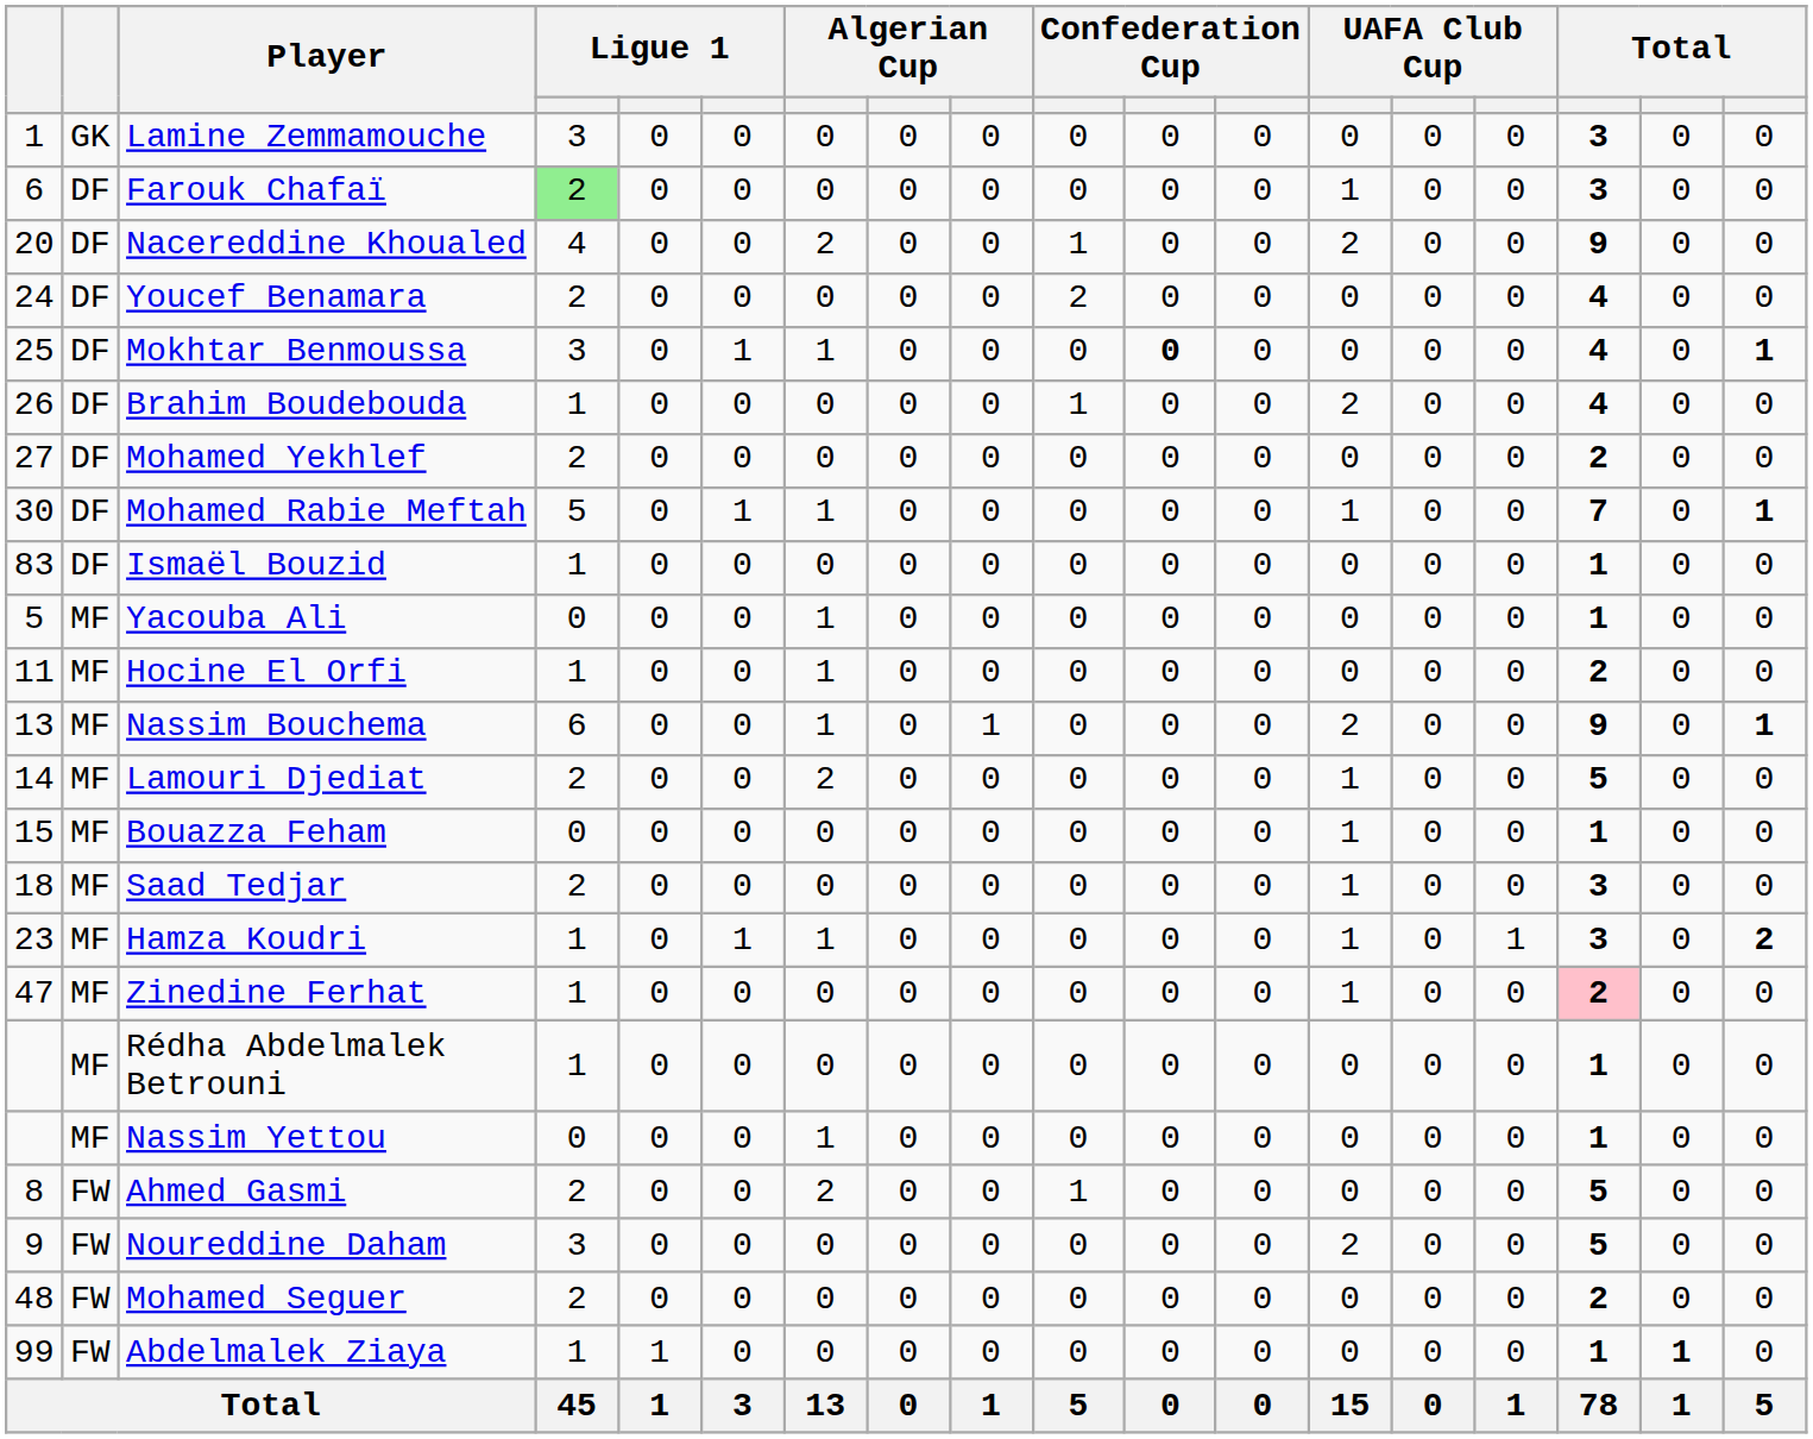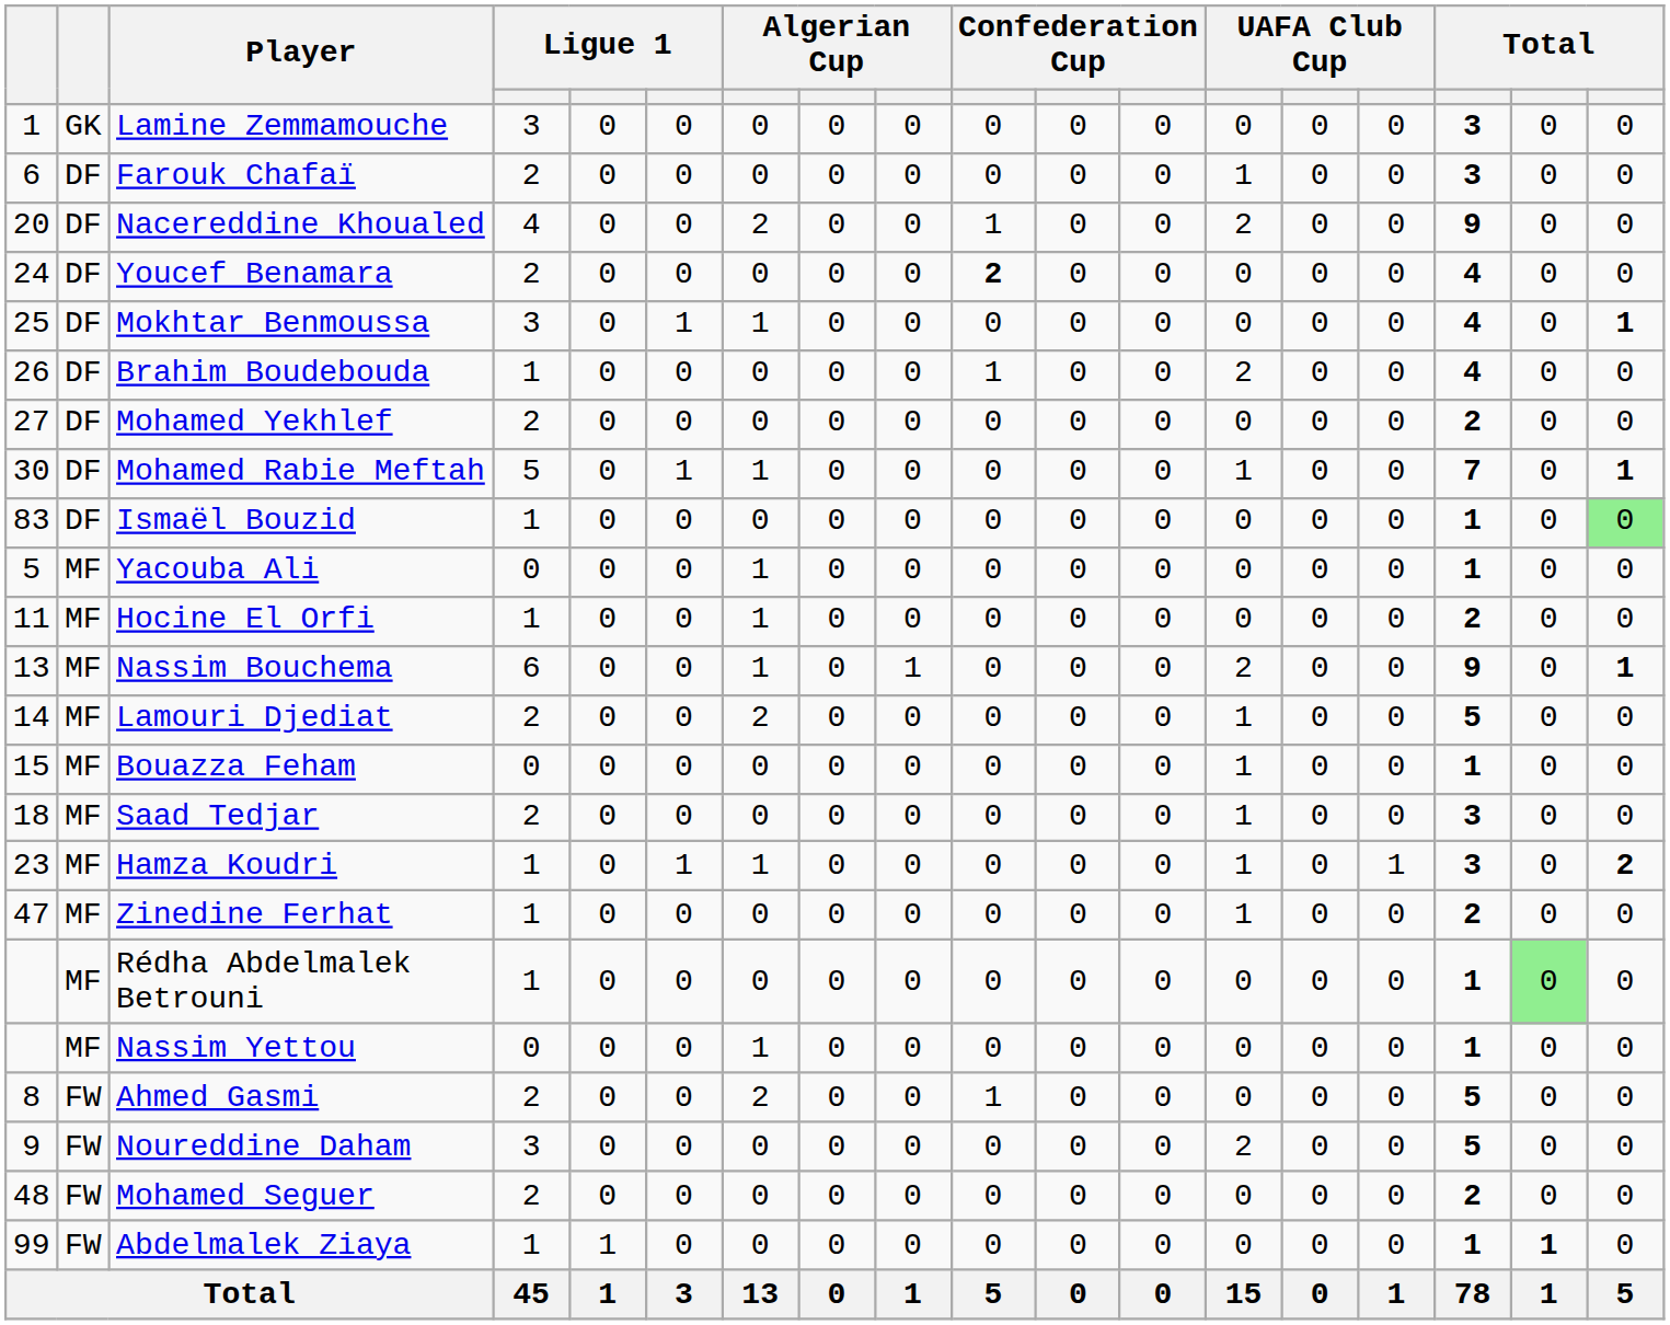 <table class="wikitable sortable nowrap" style="font-size: 96%; text-align: center;">
 <tr>
 <th rowspan="2"></th>
 <th rowspan="2"></th>
 <th rowspan="2" width=150>Player</th>
 <th colspan="3">Ligue 1</th>
 <th colspan="3">Algerian Cup</th>
 <th colspan="3">Confederation Cup</th>
 <th colspan="3">UAFA Club Cup</th>
 <th colspan="3">Total</th>
 </tr>
 <tr>
 <th width=25></th>
 <th width=25></th>
 <th width=25></th>
 <th width=25></th>
 <th width=25></th>
 <th width=25></th>
 <th width=25></th>
 <th width=25></th>
 <th width=25></th>
 <th width=25></th>
 <th width=25></th>
 <th width=25></th>
 <th width=25></th>
 <th width=25></th>
 <th width=25></th>
 </tr>
 <tr>
 <td>1</td>
 <td>GK</td>
 <td style="text-align:left"> <a href='#'>Lamine Zemmamouche</a></td>
 <td>3</td>
 <td>0</td>
 <td>0</td>
 <td>0</td>
 <td>0</td>
 <td>0</td>
 <td>0</td>
 <td>0</td>
 <td>0</td>
 <td>0</td>
 <td>0</td>
 <td>0</td>
 <td><strong>3</strong></td>
 <td>0</td>
 <td>0</td>
 </tr>
 <tr>
 <td>6</td>
 <td>DF</td>
 <td style="text-align:left"> <a href='#'>Farouk Chafaï</a></td>
-<td style="background: lightgreen;">2</td>
+<td>2</td>
 <td>0</td>
 <td>0</td>
 <td>0</td>
 <td>0</td>
 <td>0</td>
 <td>0</td>
 <td>0</td>
 <td>0</td>
 <td>1</td>
 <td>0</td>
 <td>0</td>
 <td><strong>3</strong></td>
 <td>0</td>
 <td>0</td>
 </tr>
 <tr>
 <td>20</td>
 <td>DF</td>
 <td style="text-align:left"> <a href='#'>Nacereddine Khoualed</a></td>
 <td>4</td>
 <td>0</td>
 <td>0</td>
 <td>2</td>
 <td>0</td>
 <td>0</td>
 <td>1</td>
 <td>0</td>
 <td>0</td>
 <td>2</td>
 <td>0</td>
 <td>0</td>
 <td><strong>9</strong></td>
 <td>0</td>
 <td>0</td>
 </tr>
 <tr>
 <td>24</td>
 <td>DF</td>
 <td style="text-align:left"> <a href='#'>Youcef Benamara</a></td>
 <td>2</td>
 <td>0</td>
 <td>0</td>
 <td>0</td>
 <td>0</td>
 <td>0</td>
-<td>2</td>
+<td><strong>2</strong></td>
 <td>0</td>
 <td>0</td>
 <td>0</td>
 <td>0</td>
 <td>0</td>
 <td><strong>4</strong></td>
 <td>0</td>
 <td>0</td>
 </tr>
 <tr>
 <td>25</td>
 <td>DF</td>
 <td style="text-align:left"> <a href='#'>Mokhtar Benmoussa</a></td>
 <td>3</td>
 <td>0</td>
 <td>1</td>
 <td>1</td>
 <td>0</td>
 <td>0</td>
 <td>0</td>
-<td><strong>0</strong></td>
+<td>0</td>
 <td>0</td>
 <td>0</td>
 <td>0</td>
 <td>0</td>
 <td><strong>4</strong></td>
 <td>0</td>
 <td><strong>1</strong></td>
 </tr>
 <tr>
 <td>26</td>
 <td>DF</td>
 <td style="text-align:left"> <a href='#'>Brahim Boudebouda</a></td>
 <td>1</td>
 <td>0</td>
 <td>0</td>
 <td>0</td>
 <td>0</td>
 <td>0</td>
 <td>1</td>
 <td>0</td>
 <td>0</td>
 <td>2</td>
 <td>0</td>
 <td>0</td>
 <td><strong>4</strong></td>
 <td>0</td>
 <td>0</td>
 </tr>
 <tr>
 <td>27</td>
 <td>DF</td>
 <td style="text-align:left"> <a href='#'>Mohamed Yekhlef</a></td>
 <td>2</td>
 <td>0</td>
 <td>0</td>
 <td>0</td>
 <td>0</td>
 <td>0</td>
 <td>0</td>
 <td>0</td>
 <td>0</td>
 <td>0</td>
 <td>0</td>
 <td>0</td>
 <td><strong>2</strong></td>
 <td>0</td>
 <td>0</td>
 </tr>
 <tr>
 <td>30</td>
 <td>DF</td>
 <td style="text-align:left"> <a href='#'>Mohamed Rabie Meftah</a></td>
 <td>5</td>
 <td>0</td>
 <td>1</td>
 <td>1</td>
 <td>0</td>
 <td>0</td>
 <td>0</td>
 <td>0</td>
 <td>0</td>
 <td>1</td>
 <td>0</td>
 <td>0</td>
 <td><strong>7</strong></td>
 <td>0</td>
 <td><strong>1</strong></td>
 </tr>
 <tr>
 <td>83</td>
 <td>DF</td>
 <td style="text-align:left"> <a href='#'>Ismaël Bouzid</a></td>
 <td>1</td>
 <td>0</td>
 <td>0</td>
 <td>0</td>
 <td>0</td>
 <td>0</td>
 <td>0</td>
 <td>0</td>
 <td>0</td>
 <td>0</td>
 <td>0</td>
 <td>0</td>
 <td><strong>1</strong></td>
 <td>0</td>
-<td>0</td>
+<td style="background: lightgreen;">0</td>
 </tr>
 <tr>
 <td>5</td>
 <td>MF</td>
 <td style="text-align:left"> <a href='#'>Yacouba Ali</a></td>
 <td>0</td>
 <td>0</td>
 <td>0</td>
 <td>1</td>
 <td>0</td>
 <td>0</td>
 <td>0</td>
 <td>0</td>
 <td>0</td>
 <td>0</td>
 <td>0</td>
 <td>0</td>
 <td><strong>1</strong></td>
 <td>0</td>
 <td>0</td>
 </tr>
 <tr>
 <td>11</td>
 <td>MF</td>
 <td style="text-align:left"> <a href='#'>Hocine El Orfi</a></td>
 <td>1</td>
 <td>0</td>
 <td>0</td>
 <td>1</td>
 <td>0</td>
 <td>0</td>
 <td>0</td>
 <td>0</td>
 <td>0</td>
 <td>0</td>
 <td>0</td>
 <td>0</td>
 <td><strong>2</strong></td>
 <td>0</td>
 <td>0</td>
 </tr>
 <tr>
 <td>13</td>
 <td>MF</td>
 <td style="text-align:left"> <a href='#'>Nassim Bouchema</a></td>
 <td>6</td>
 <td>0</td>
 <td>0</td>
 <td>1</td>
 <td>0</td>
 <td>1</td>
 <td>0</td>
 <td>0</td>
 <td>0</td>
 <td>2</td>
 <td>0</td>
 <td>0</td>
 <td><strong>9</strong></td>
 <td>0</td>
 <td><strong>1</strong></td>
 </tr>
 <tr>
 <td>14</td>
 <td>MF</td>
 <td style="text-align:left"> <a href='#'>Lamouri Djediat</a></td>
 <td>2</td>
 <td>0</td>
 <td>0</td>
 <td>2</td>
 <td>0</td>
 <td>0</td>
 <td>0</td>
 <td>0</td>
 <td>0</td>
 <td>1</td>
 <td>0</td>
 <td>0</td>
 <td><strong>5</strong></td>
 <td>0</td>
 <td>0</td>
 </tr>
 <tr>
 <td>15</td>
 <td>MF</td>
 <td style="text-align:left"> <a href='#'>Bouazza Feham</a></td>
 <td>0</td>
 <td>0</td>
 <td>0</td>
 <td>0</td>
 <td>0</td>
 <td>0</td>
 <td>0</td>
 <td>0</td>
 <td>0</td>
 <td>1</td>
 <td>0</td>
 <td>0</td>
 <td><strong>1</strong></td>
 <td>0</td>
 <td>0</td>
 </tr>
 <tr>
 <td>18</td>
 <td>MF</td>
 <td style="text-align:left"> <a href='#'>Saad Tedjar</a></td>
 <td>2</td>
 <td>0</td>
 <td>0</td>
 <td>0</td>
 <td>0</td>
 <td>0</td>
 <td>0</td>
 <td>0</td>
 <td>0</td>
 <td>1</td>
 <td>0</td>
 <td>0</td>
 <td><strong>3</strong></td>
 <td>0</td>
 <td>0</td>
 </tr>
 <tr>
 <td>23</td>
 <td>MF</td>
 <td style="text-align:left"> <a href='#'>Hamza Koudri</a></td>
 <td>1</td>
 <td>0</td>
 <td>1</td>
 <td>1</td>
 <td>0</td>
 <td>0</td>
 <td>0</td>
 <td>0</td>
 <td>0</td>
 <td>1</td>
 <td>0</td>
 <td>1</td>
 <td><strong>3</strong></td>
 <td>0</td>
 <td><strong>2</strong></td>
 </tr>
 <tr>
 <td>47</td>
 <td>MF</td>
 <td style="text-align:left"> <a href='#'>Zinedine Ferhat</a></td>
 <td>1</td>
 <td>0</td>
 <td>0</td>
 <td>0</td>
 <td>0</td>
 <td>0</td>
 <td>0</td>
 <td>0</td>
 <td>0</td>
 <td>1</td>
 <td>0</td>
 <td>0</td>
-<td style="background: pink;"><strong>2</strong></td>
+<td><strong>2</strong></td>
 <td>0</td>
 <td>0</td>
 </tr>
 <tr>
 <td></td>
 <td>MF</td>
 <td style="text-align:left"> Rédha Abdelmalek Betrouni</td>
 <td>1</td>
 <td>0</td>
 <td>0</td>
 <td>0</td>
 <td>0</td>
 <td>0</td>
 <td>0</td>
 <td>0</td>
 <td>0</td>
 <td>0</td>
 <td>0</td>
 <td>0</td>
 <td><strong>1</strong></td>
-<td>0</td>
+<td style="background: lightgreen;">0</td>
 <td>0</td>
 </tr>
 <tr>
 <td></td>
 <td>MF</td>
 <td style="text-align:left"> <a href='#'>Nassim Yettou</a></td>
 <td>0</td>
 <td>0</td>
 <td>0</td>
 <td>1</td>
 <td>0</td>
 <td>0</td>
 <td>0</td>
 <td>0</td>
 <td>0</td>
 <td>0</td>
 <td>0</td>
 <td>0</td>
 <td><strong>1</strong></td>
 <td>0</td>
 <td>0</td>
 </tr>
 <tr>
 <td>8</td>
 <td>FW</td>
 <td style="text-align:left"> <a href='#'>Ahmed Gasmi</a></td>
 <td>2</td>
 <td>0</td>
 <td>0</td>
 <td>2</td>
 <td>0</td>
 <td>0</td>
 <td>1</td>
 <td>0</td>
 <td>0</td>
 <td>0</td>
 <td>0</td>
 <td>0</td>
 <td><strong>5</strong></td>
 <td>0</td>
 <td>0</td>
 </tr>
 <tr>
 <td>9</td>
 <td>FW</td>
 <td style="text-align:left"> <a href='#'>Noureddine Daham</a></td>
 <td>3</td>
 <td>0</td>
 <td>0</td>
 <td>0</td>
 <td>0</td>
 <td>0</td>
 <td>0</td>
 <td>0</td>
 <td>0</td>
 <td>2</td>
 <td>0</td>
 <td>0</td>
 <td><strong>5</strong></td>
 <td>0</td>
 <td>0</td>
 </tr>
 <tr>
 <td>48</td>
 <td>FW</td>
 <td style="text-align:left"> <a href='#'>Mohamed Seguer</a></td>
 <td>2</td>
 <td>0</td>
 <td>0</td>
 <td>0</td>
 <td>0</td>
 <td>0</td>
 <td>0</td>
 <td>0</td>
 <td>0</td>
 <td>0</td>
 <td>0</td>
 <td>0</td>
 <td><strong>2</strong></td>
 <td>0</td>
 <td>0</td>
 </tr>
 <tr>
 <td>99</td>
 <td>FW</td>
 <td style="text-align:left"> <a href='#'>Abdelmalek Ziaya</a></td>
 <td>1</td>
 <td>1</td>
 <td>0</td>
 <td>0</td>
 <td>0</td>
 <td>0</td>
 <td>0</td>
 <td>0</td>
 <td>0</td>
 <td>0</td>
 <td>0</td>
 <td>0</td>
 <td><strong>1</strong></td>
 <td><strong>1</strong></td>
 <td>0</td>
 </tr>
 <tr>
 <th colspan="3">Total</th>
 <th>45</th>
 <th>1</th>
 <th>3</th>
 <th>13</th>
 <th>0</th>
 <th>1</th>
 <th>5</th>
 <th>0</th>
 <th>0</th>
 <th>15</th>
 <th>0</th>
 <th>1</th>
 <th>78</th>
 <th>1</th>
 <th>5</th>
 </tr>
 </table>
